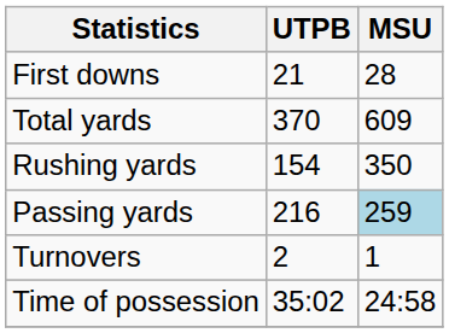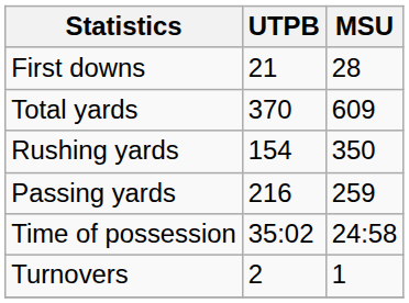 <table class="wikitable" style="float: left;">
 <tr>
 <th>Statistics</th>
 <th>UTPB</th>
 <th>MSU</th>
 </tr>
 <tr>
 <td>First downs</td>
 <td>21</td>
 <td>28</td>
 </tr>
 <tr>
 <td>Total yards</td>
 <td>370</td>
 <td>609</td>
 </tr>
 <tr>
 <td>Rushing yards</td>
 <td>154</td>
 <td>350</td>
 </tr>
 <tr>
 <td>Passing yards</td>
 <td>216</td>
-<td style="background: lightblue;">259</td>
+<td>259</td>
+</tr>
+<tr>
+<td>Time of possession</td>
+<td>35:02</td>
+<td>24:58</td>
 </tr>
 <tr>
 <td>Turnovers</td>
 <td>2</td>
 <td>1</td>
 </tr>
 <tr>
-<td>Time of possession</td>
-<td>35:02</td>
-<td>24:58</td>
-</tr>
-<tr>
 </tr>
 </table>
